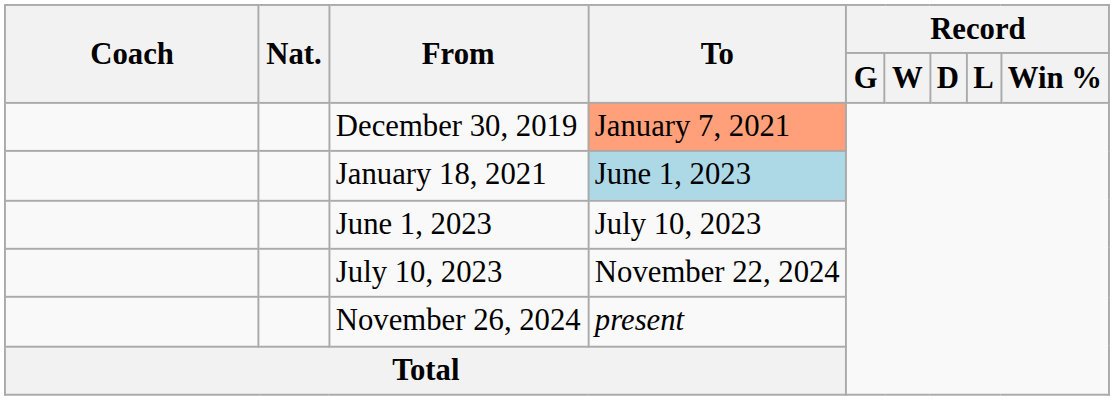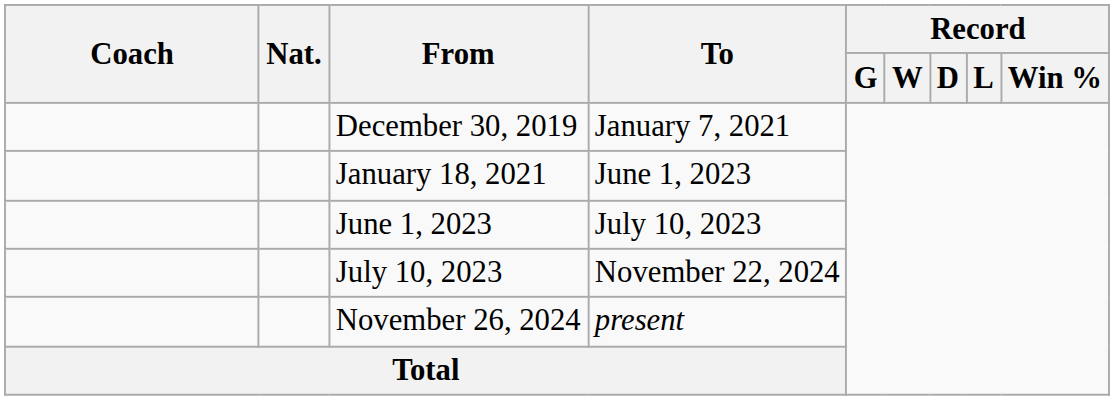 <table class="wikitable sortable nowrap" style="text-align: center">
 <tr>
 <th rowspan="2" width=125>Coach</th>
 <th rowspan="2">Nat.</th>
 <th rowspan="2">From</th>
 <th rowspan="2">To</th>
 <th colspan="6">Record</th>
 </tr>
 <tr>
 <th>G</th>
 <th>W</th>
 <th>D</th>
 <th>L</th>
 <th>Win %</th>
 </tr>
 <tr>
 <td align=left></td>
 <td></td>
 <td align=left>December 30, 2019</td>
-<td align=left style="background: lightsalmon;">January 7, 2021<br></td>
+<td align=left>January 7, 2021<br></td>
 </tr>
 <tr>
 <td align=left></td>
 <td></td>
 <td align=left>January 18, 2021</td>
-<td align=left style="background: lightblue;">June 1, 2023<br></td>
+<td align=left>June 1, 2023<br></td>
 </tr>
 <tr>
 <td align=left> </td>
 <td></td>
 <td align=left>June 1, 2023</td>
 <td align=left>July 10, 2023<br></td>
 </tr>
 <tr>
 <td align=left></td>
 <td></td>
 <td align=left>July 10, 2023</td>
 <td align=left>November 22, 2024<br></td>
 </tr>
 <tr>
 <td align=left></td>
 <td></td>
 <td align=left>November 26, 2024</td>
 <td align=left><em>present</em><br></td>
 </tr>
 <tr class="sortbottom">
 <th colspan="4">Total<br></th>
 </tr>
 </table>
